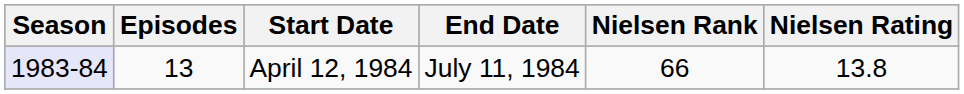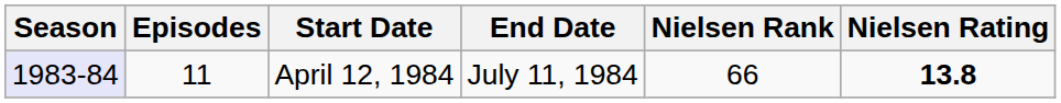 <table class="wikitable" style="text-align: center">
 <tr>
 <th>Season</th>
 <th>Episodes</th>
 <th>Start Date</th>
 <th>End Date</th>
 <th>Nielsen Rank</th>
 <th>Nielsen Rating</th>
 </tr>
 <tr>
 <td style="background: lavender; text-align:center">1983-84</td>
-<td style="text-align:center">13</td>
+<td style="text-align:center">11</td>
 <td style="text-align:center">April 12, 1984</td>
 <td style="text-align:center">July 11, 1984</td>
 <td style="text-align:center:">66</td>
-<td style="text-align:center">13.8</td>
+<td style="text-align:center"><strong>13.8</strong></td>
 </tr>
 </table>
